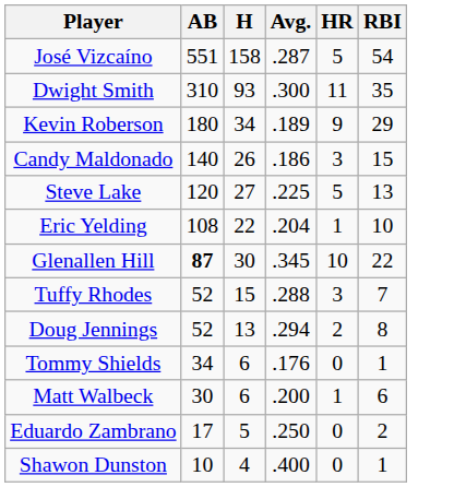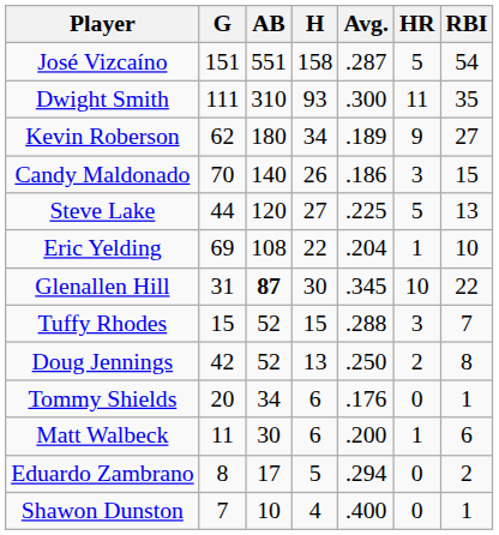 <table class="wikitable sortable" style="text-align:center">
 <tr>
 <th>Player</th>
+<th>G</th>
 <th>AB</th>
 <th>H</th>
 <th>Avg.</th>
 <th>HR</th>
 <th>RBI</th>
 </tr>
 <tr>
 <td><a href='#'>José Vizcaíno</a></td>
+<td>151</td>
 <td>551</td>
 <td>158</td>
 <td>.287</td>
 <td>5</td>
 <td>54</td>
 </tr>
 <tr>
 <td><a href='#'>Dwight Smith</a></td>
+<td>111</td>
 <td>310</td>
 <td>93</td>
 <td>.300</td>
 <td>11</td>
 <td>35</td>
 </tr>
 <tr>
 <td><a href='#'>Kevin Roberson</a></td>
+<td>62</td>
 <td>180</td>
 <td>34</td>
 <td>.189</td>
 <td>9</td>
-<td>29</td>
+<td>27</td>
 </tr>
 <tr>
 <td><a href='#'>Candy Maldonado</a></td>
+<td>70</td>
 <td>140</td>
 <td>26</td>
 <td>.186</td>
 <td>3</td>
 <td>15</td>
 </tr>
 <tr>
 <td><a href='#'>Steve Lake</a></td>
+<td>44</td>
 <td>120</td>
 <td>27</td>
 <td>.225</td>
 <td>5</td>
 <td>13</td>
 </tr>
 <tr>
 <td><a href='#'>Eric Yelding</a></td>
+<td>69</td>
 <td>108</td>
 <td>22</td>
 <td>.204</td>
 <td>1</td>
 <td>10</td>
 </tr>
 <tr>
 <td><a href='#'>Glenallen Hill</a></td>
+<td>31</td>
 <td><strong>87</strong></td>
 <td>30</td>
 <td>.345</td>
 <td>10</td>
 <td>22</td>
 </tr>
 <tr>
 <td><a href='#'>Tuffy Rhodes</a></td>
+<td>15</td>
 <td>52</td>
 <td>15</td>
 <td>.288</td>
 <td>3</td>
 <td>7</td>
 </tr>
 <tr>
 <td><a href='#'>Doug Jennings</a></td>
+<td>42</td>
 <td>52</td>
 <td>13</td>
-<td>.294</td>
+<td>.250</td>
 <td>2</td>
 <td>8</td>
 </tr>
 <tr>
 <td><a href='#'>Tommy Shields</a></td>
+<td>20</td>
 <td>34</td>
 <td>6</td>
 <td>.176</td>
 <td>0</td>
 <td>1</td>
 </tr>
 <tr>
 <td><a href='#'>Matt Walbeck</a></td>
+<td>11</td>
 <td>30</td>
 <td>6</td>
 <td>.200</td>
 <td>1</td>
 <td>6</td>
 </tr>
 <tr>
 <td><a href='#'>Eduardo Zambrano</a></td>
+<td>8</td>
 <td>17</td>
 <td>5</td>
-<td>.250</td>
+<td>.294</td>
 <td>0</td>
 <td>2</td>
 </tr>
 <tr>
 <td><a href='#'>Shawon Dunston</a></td>
+<td>7</td>
 <td>10</td>
 <td>4</td>
 <td>.400</td>
 <td>0</td>
 <td>1</td>
 </tr>
 </table>
